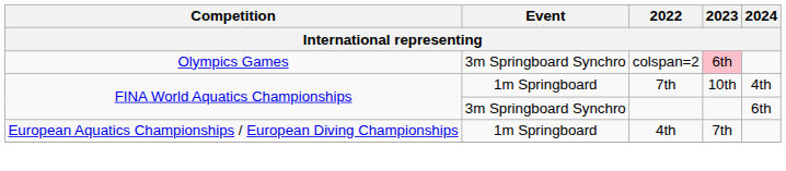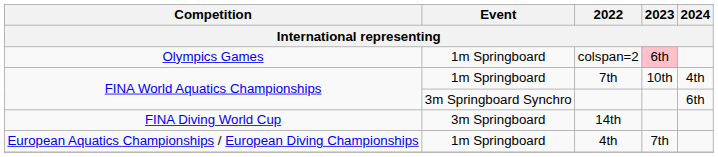 <table class="wikitable" style="text-align:center;">
 <tr>
 <th>Competition</th>
 <th>Event</th>
 <th>2022</th>
 <th>2023</th>
 <th>2024</th>
 </tr>
 <tr>
 <th colspan="5">International representing </th>
 </tr>
 <tr>
 <td><a href='#'>Olympics Games</a></td>
-<td>3m Springboard Synchro</td>
+<td>1m Springboard</td>
 <td>colspan=2 </td>
 <td style="background: pink;">6th</td>
 </tr>
 <tr>
 <td rowspan="2"><a href='#'>FINA World Aquatics Championships</a></td>
 <td>1m Springboard</td>
 <td>7th</td>
 <td>10th</td>
 <td>4th</td>
 </tr>
 <tr>
 <td>3m Springboard Synchro</td>
 <td></td>
 <td></td>
 <td>6th</td>
 </tr>
 <tr>
+<td rowspan="1"><a href='#'>FINA Diving World Cup</a></td>
+<td>3m Springboard</td>
+<td>14th</td>
+<td></td>
+<td></td>
+</tr>
+<tr>
 <td rowspan="1"><a href='#'>European Aquatics Championships</a> / <a href='#'>European Diving Championships</a></td>
 <td>1m Springboard</td>
 <td>4th</td>
 <td>7th</td>
 <td></td>
 </tr>
 <tr>
 </tr>
 </table>
